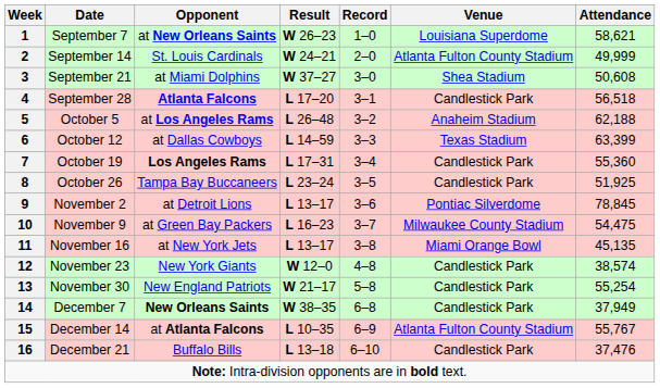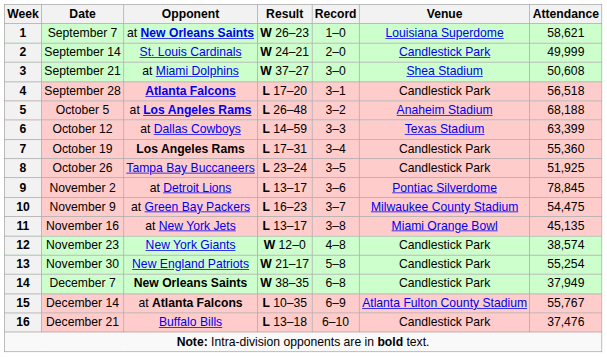 <table class="wikitable" style="text-align:center">
 <tr>
 <th>Week</th>
 <th>Date</th>
 <th>Opponent</th>
 <th>Result</th>
 <th>Record</th>
 <th>Venue</th>
 <th>Attendance</th>
 </tr>
 <tr style="background:#cfc">
 <th>1</th>
 <td>September 7</td>
 <td>at <strong><a href='#'>New Orleans Saints</a></strong></td>
 <td><strong>W</strong> 26–23</td>
 <td>1–0</td>
 <td><a href='#'>Louisiana Superdome</a></td>
 <td>58,621</td>
 </tr>
 <tr style="background:#cfc">
 <th>2</th>
 <td>September 14</td>
 <td><a href='#'>St. Louis Cardinals</a></td>
 <td><strong>W</strong> 24–21</td>
 <td>2–0</td>
-<td><a href='#'>Atlanta Fulton County Stadium</a></td>
+<td><a href='#'>Candlestick Park</a></td>
 <td>49,999</td>
 </tr>
 <tr style="background:#cfc">
 <th>3</th>
 <td>September 21</td>
 <td>at <a href='#'>Miami Dolphins</a></td>
 <td><strong>W</strong> 37–27</td>
 <td>3–0</td>
 <td><a href='#'>Shea Stadium</a></td>
 <td>50,608</td>
 </tr>
 <tr style="background:#fcc">
 <th>4</th>
 <td>September 28</td>
 <td><strong><a href='#'>Atlanta Falcons</a></strong></td>
 <td><strong>L</strong> 17–20</td>
 <td>3–1</td>
 <td>Candlestick Park</td>
 <td>56,518</td>
 </tr>
 <tr style="background:#fcc">
 <th>5</th>
 <td>October 5</td>
 <td>at <strong><a href='#'>Los Angeles Rams</a></strong></td>
 <td><strong>L</strong> 26–48</td>
 <td>3–2</td>
 <td><a href='#'>Anaheim Stadium</a></td>
-<td>62,188</td>
+<td>68,188</td>
 </tr>
 <tr style="background:#fcc">
 <th>6</th>
 <td>October 12</td>
 <td>at <a href='#'>Dallas Cowboys</a></td>
 <td><strong>L</strong> 14–59</td>
 <td>3–3</td>
 <td><a href='#'>Texas Stadium</a></td>
 <td>63,399</td>
 </tr>
 <tr style="background:#fcc">
 <th>7</th>
 <td>October 19</td>
 <td><strong>Los Angeles Rams</strong></td>
 <td><strong>L</strong> 17–31</td>
 <td>3–4</td>
 <td>Candlestick Park</td>
 <td>55,360</td>
 </tr>
 <tr style="background:#fcc">
 <th>8</th>
 <td>October 26</td>
 <td><a href='#'>Tampa Bay Buccaneers</a></td>
 <td><strong>L</strong> 23–24</td>
 <td>3–5</td>
 <td>Candlestick Park</td>
 <td>51,925</td>
 </tr>
 <tr style="background:#fcc">
 <th>9</th>
 <td>November 2</td>
 <td>at <a href='#'>Detroit Lions</a></td>
 <td><strong>L</strong> 13–17</td>
 <td>3–6</td>
 <td><a href='#'>Pontiac Silverdome</a></td>
 <td>78,845</td>
 </tr>
 <tr style="background:#fcc">
 <th>10</th>
 <td>November 9</td>
 <td>at <a href='#'>Green Bay Packers</a></td>
 <td><strong>L</strong> 16–23</td>
 <td>3–7</td>
 <td><a href='#'>Milwaukee County Stadium</a></td>
 <td>54,475</td>
 </tr>
 <tr style="background:#fcc">
 <th>11</th>
 <td>November 16</td>
 <td>at <a href='#'>New York Jets</a></td>
 <td><strong>L</strong> 13–17</td>
 <td>3–8</td>
 <td><a href='#'>Miami Orange Bowl</a></td>
 <td>45,135</td>
 </tr>
 <tr style="background:#cfc">
 <th>12</th>
 <td>November 23</td>
 <td><a href='#'>New York Giants</a></td>
 <td><strong>W</strong> 12–0</td>
 <td>4–8</td>
 <td>Candlestick Park</td>
 <td>38,574</td>
 </tr>
 <tr style="background:#cfc">
 <th>13</th>
 <td>November 30</td>
 <td><a href='#'>New England Patriots</a></td>
 <td><strong>W</strong> 21–17</td>
 <td>5–8</td>
 <td>Candlestick Park</td>
 <td>55,254</td>
 </tr>
 <tr style="background:#cfc">
 <th>14</th>
 <td>December 7</td>
 <td><strong>New Orleans Saints</strong></td>
 <td><strong>W</strong> 38–35</td>
 <td>6–8</td>
 <td>Candlestick Park</td>
 <td>37,949</td>
 </tr>
 <tr style="background:#fcc">
 <th>15</th>
 <td>December 14</td>
 <td>at <strong>Atlanta Falcons</strong></td>
 <td><strong>L</strong> 10–35</td>
 <td>6–9</td>
 <td><a href='#'>Atlanta Fulton County Stadium</a></td>
 <td>55,767</td>
 </tr>
 <tr style="background:#fcc">
 <th>16</th>
 <td>December 21</td>
 <td><a href='#'>Buffalo Bills</a></td>
 <td><strong>L</strong> 13–18</td>
 <td>6–10</td>
 <td>Candlestick Park</td>
 <td>37,476</td>
 </tr>
 <tr>
 <td colspan="8"><strong>Note:</strong> Intra-division opponents are in <strong>bold</strong> text.</td>
 </tr>
 </table>
